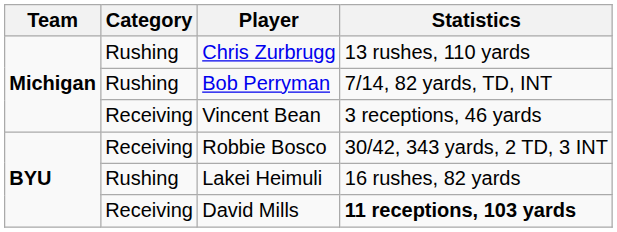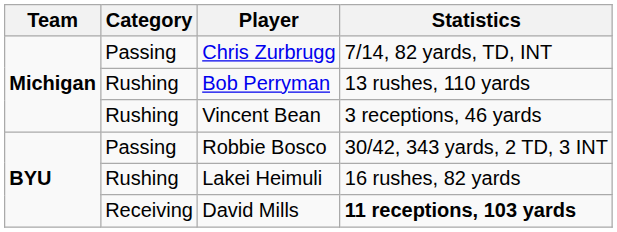 <table class="wikitable" style="float: left;">
 <tr>
 <th>Team</th>
 <th>Category</th>
 <th>Player</th>
 <th>Statistics</th>
 </tr>
 <tr>
 <td rowspan=3><strong>Michigan</strong></td>
+<td>Passing</td>
+<td><a href='#'>Chris Zurbrugg</a></td>
+<td>7/14, 82 yards, TD, INT</td>
+</tr>
+<tr>
 <td>Rushing</td>
-<td><a href='#'>Chris Zurbrugg</a></td>
+<td><a href='#'>Bob Perryman</a></td>
 <td>13 rushes, 110 yards</td>
 </tr>
 <tr>
 <td>Rushing</td>
-<td><a href='#'>Bob Perryman</a></td>
-<td>7/14, 82 yards, TD, INT</td>
-</tr>
-<tr>
-<td>Receiving</td>
 <td>Vincent Bean</td>
 <td>3 receptions, 46 yards</td>
 </tr>
 <tr>
 <td rowspan=3><strong>BYU</strong></td>
-<td>Receiving</td>
+<td>Passing</td>
 <td>Robbie Bosco</td>
 <td>30/42, 343 yards, 2 TD, 3 INT</td>
 </tr>
 <tr>
 <td>Rushing</td>
 <td>Lakei Heimuli</td>
 <td>16 rushes, 82 yards</td>
 </tr>
 <tr>
 <td>Receiving</td>
 <td>David Mills</td>
 <td><strong>11 receptions, 103 yards</strong></td>
 </tr>
 </table>
